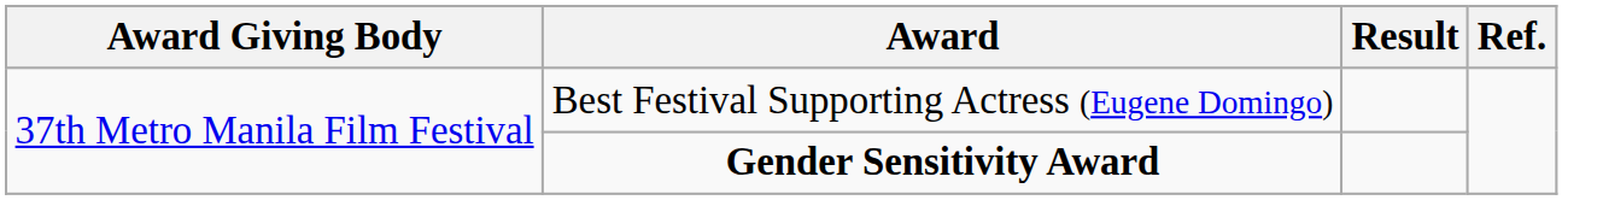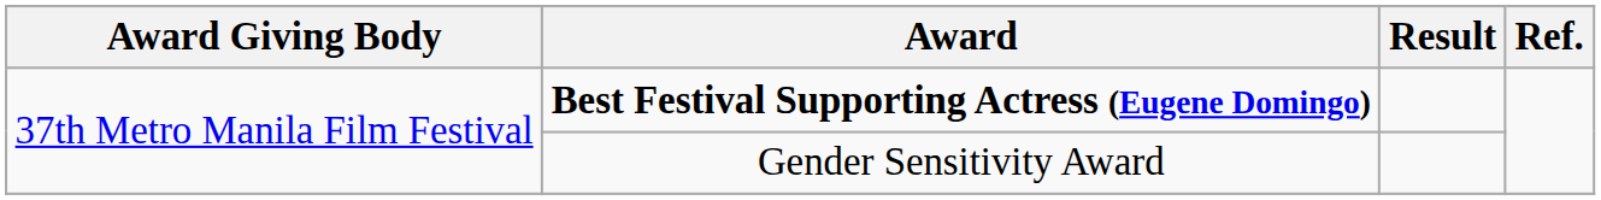 <table class="wikitable" style="text-align:center">
 <tr>
 <th>Award Giving Body</th>
 <th>Award</th>
 <th>Result</th>
 <th>Ref.</th>
 </tr>
 <tr>
 <td rowspan="2"><a href='#'>37th Metro Manila Film Festival</a></td>
-<td>Best Festival Supporting Actress <small>(<a href='#'>Eugene Domingo</a>)</small></td>
+<td><strong>Best Festival Supporting Actress <small>(<a href='#'>Eugene Domingo</a>)</small></strong></td>
 <td></td>
 <td rowspan="2"></td>
 </tr>
 <tr>
-<td><strong>Gender Sensitivity Award</strong></td>
+<td>Gender Sensitivity Award</td>
 <td></td>
 </tr>
 </table>
